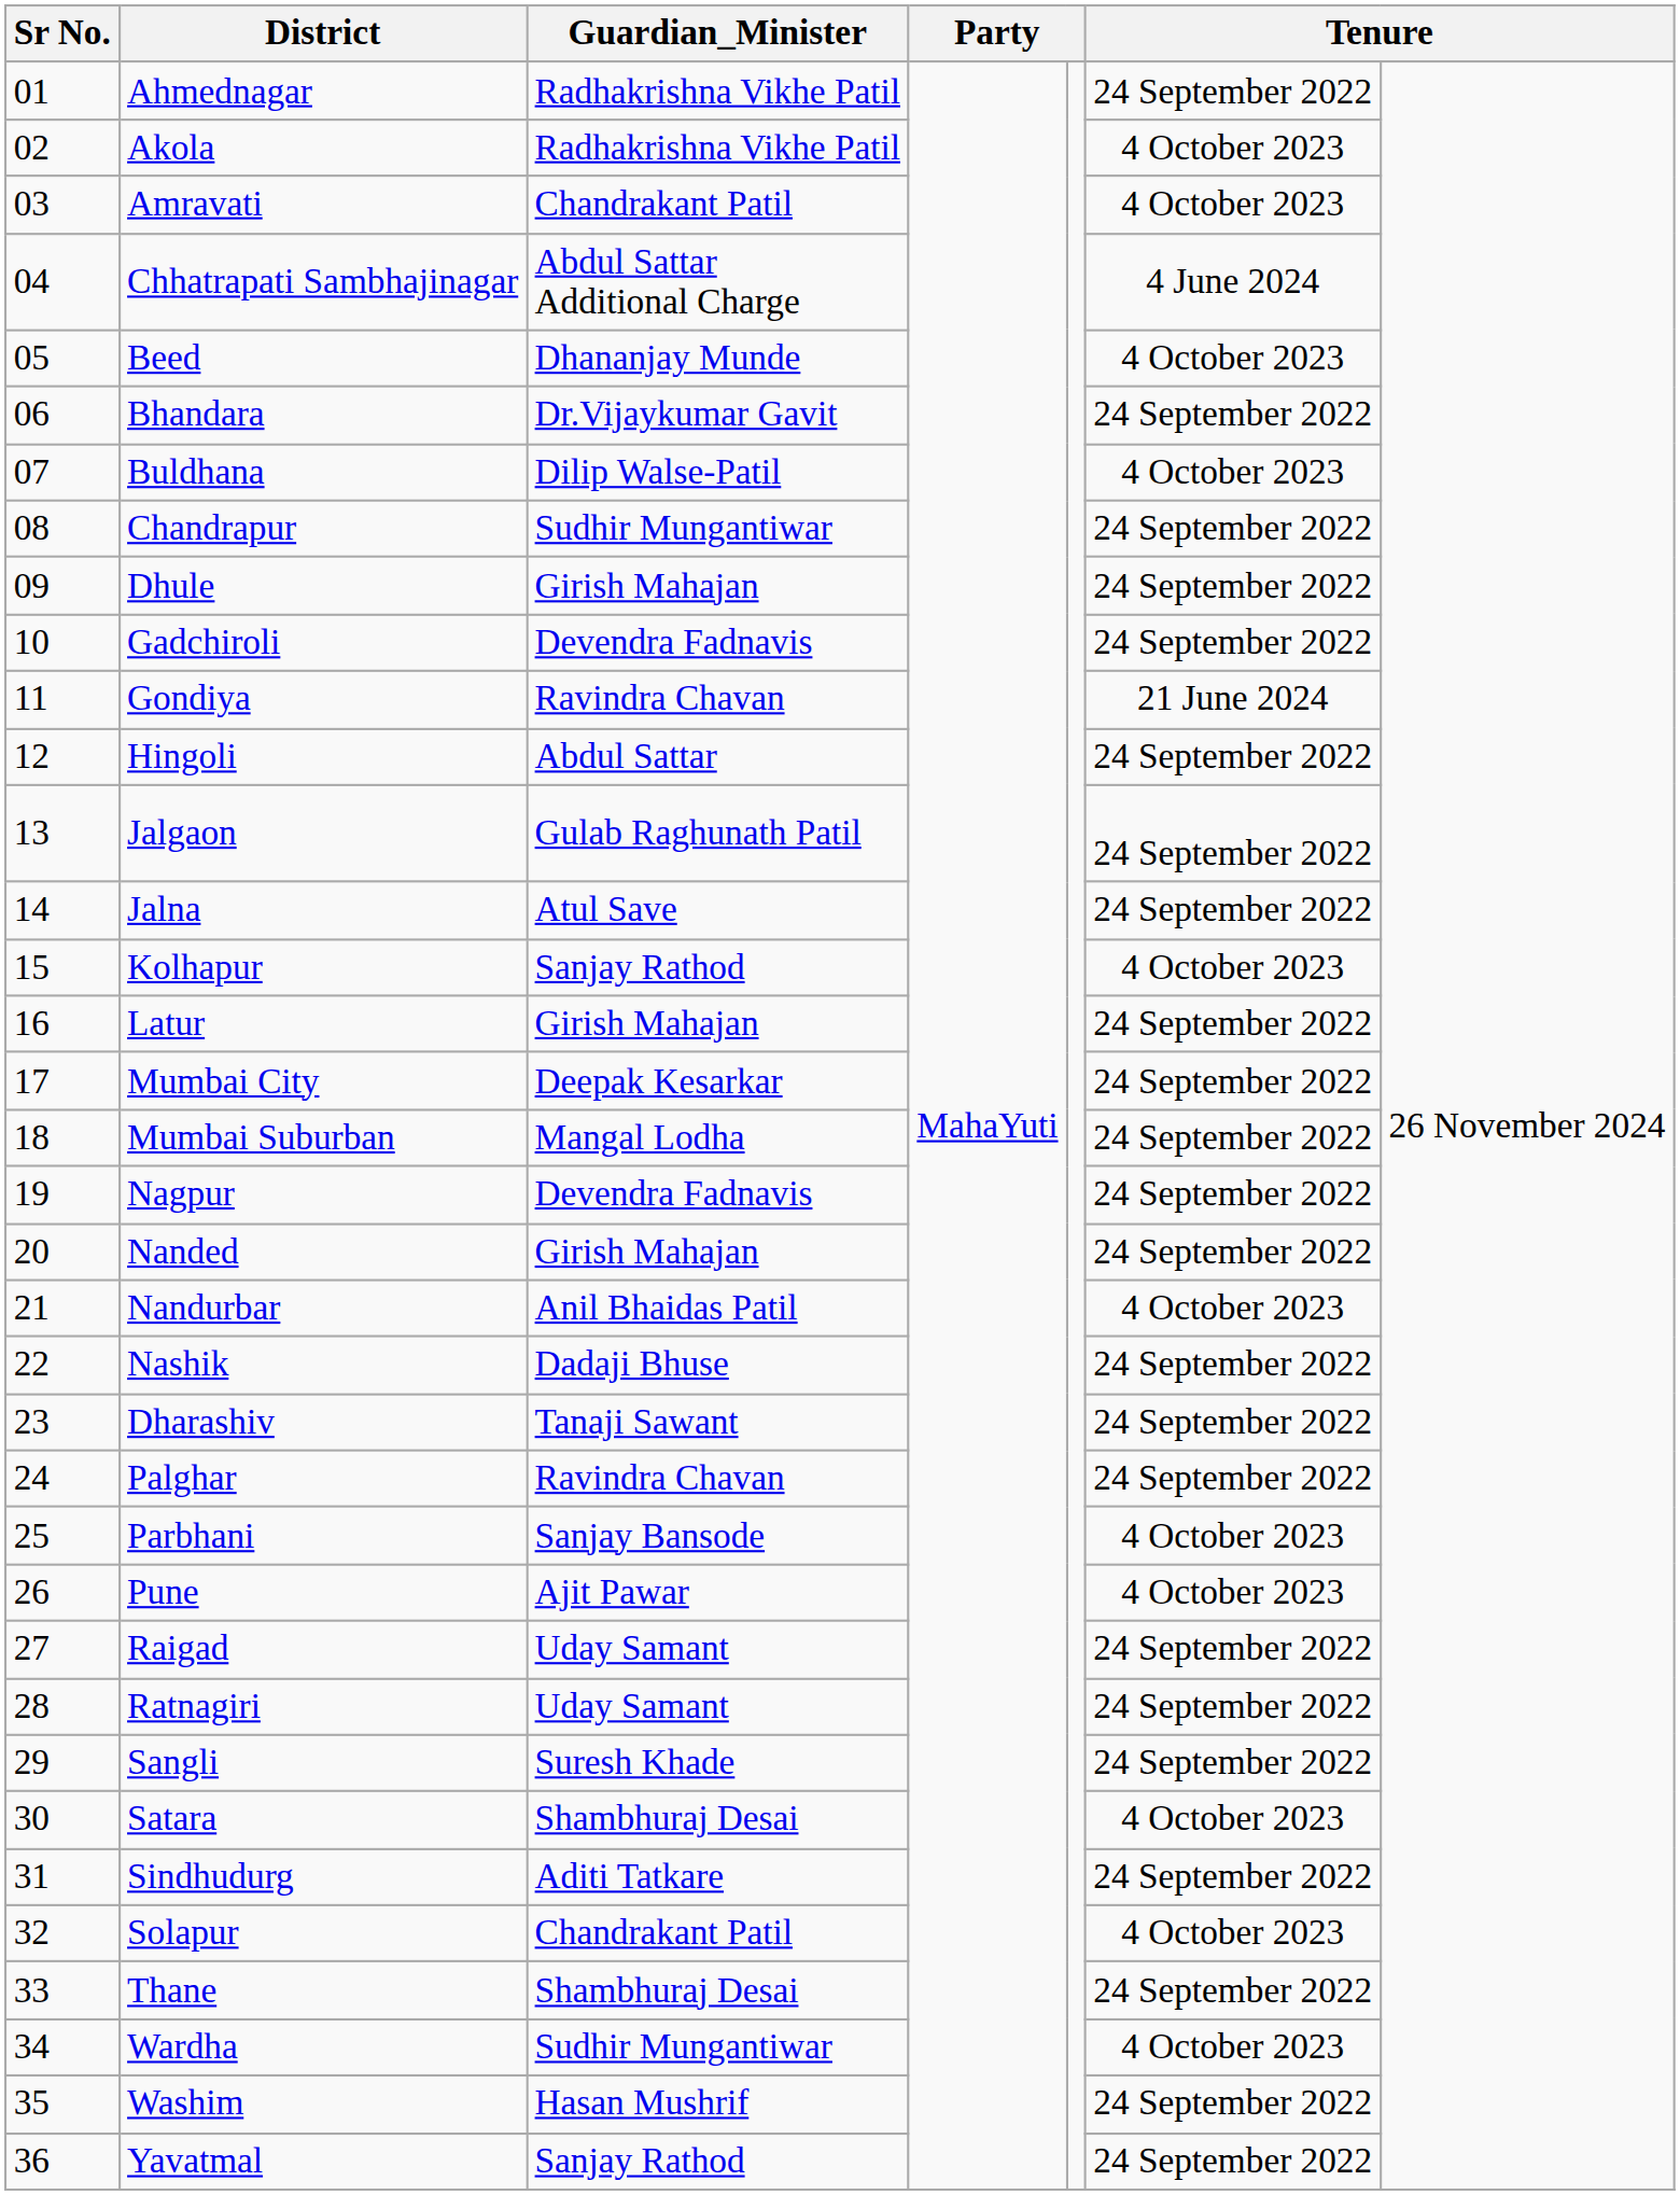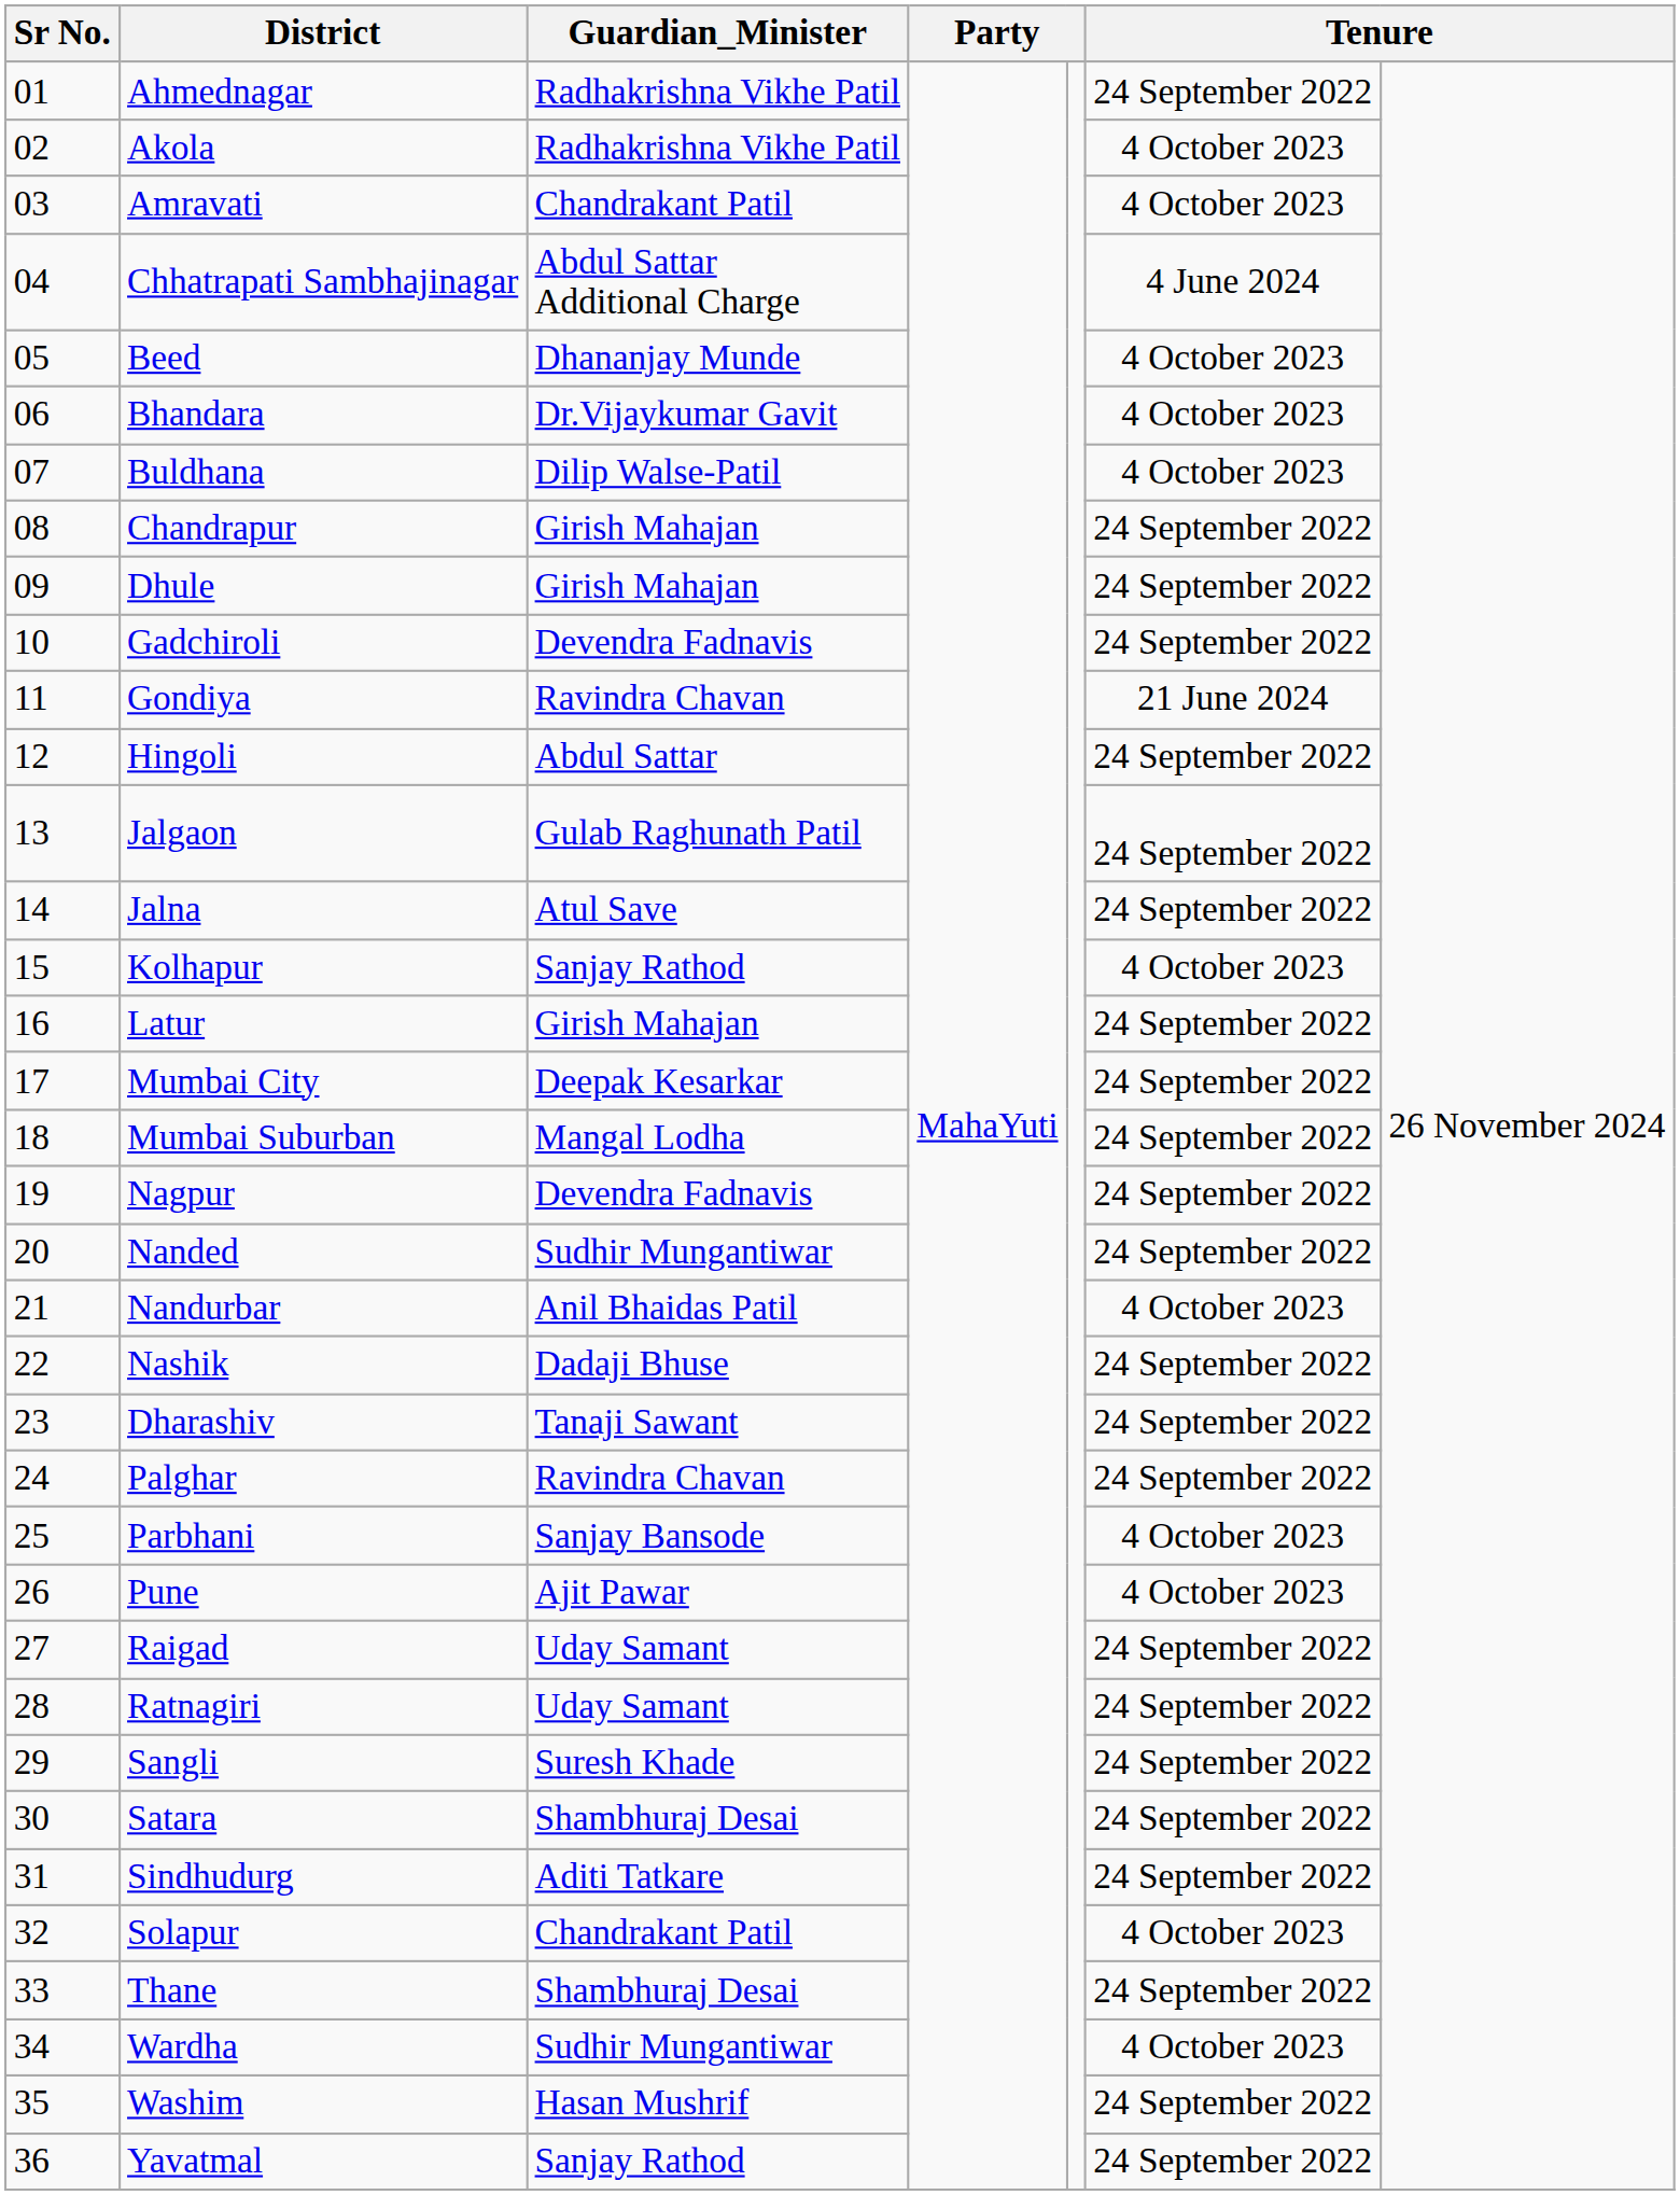 <table class="wikitable">
 <tr>
 <th>Sr No.</th>
 <th>District</th>
 <th>Guardian_Minister</th>
 <th colspan="2" scope="col">Party</th>
 <th colspan="2" scope="col">Tenure</th>
 </tr>
 <tr>
 <td>01</td>
 <td><a href='#'>Ahmednagar</a></td>
 <td><a href='#'>Radhakrishna Vikhe Patil</a></td>
 <td rowspan=36><a href='#'>MahaYuti</a></td>
 <td rowspan=36 style="width:1px; background-color: "></td>
 <td style="text-align:center;">24 September 2022</td>
 <td rowspan="36" style="text-align:center;">26 November 2024</td>
 </tr>
 <tr>
 <td>02</td>
 <td><a href='#'>Akola</a></td>
 <td><a href='#'>Radhakrishna Vikhe Patil</a></td>
 <td style="text-align:center;">4 October 2023</td>
 </tr>
 <tr>
 <td>03</td>
 <td><a href='#'>Amravati</a></td>
 <td><a href='#'>Chandrakant Patil</a></td>
 <td style="text-align:center;">4 October 2023</td>
 </tr>
 <tr>
 <td>04</td>
 <td><a href='#'>Chhatrapati Sambhajinagar</a></td>
 <td><a href='#'>Abdul Sattar</a><br>Additional Charge</td>
 <td style="text-align:center;">4 June 2024</td>
 </tr>
 <tr>
 <td>05</td>
 <td><a href='#'>Beed</a></td>
 <td><a href='#'>Dhananjay Munde</a></td>
 <td style="text-align:center;">4 October 2023</td>
 </tr>
 <tr>
 <td>06</td>
 <td><a href='#'>Bhandara</a></td>
 <td><a href='#'>Dr.Vijaykumar Gavit</a></td>
-<td style="text-align:center;">24 September 2022</td>
+<td style="text-align:center;">4 October 2023</td>
 </tr>
 <tr>
 <td>07</td>
 <td><a href='#'>Buldhana</a></td>
 <td><a href='#'>Dilip Walse-Patil</a></td>
 <td style="text-align:center;">4 October 2023</td>
 </tr>
 <tr>
 <td>08</td>
 <td><a href='#'>Chandrapur</a></td>
-<td><a href='#'>Sudhir Mungantiwar</a></td>
+<td><a href='#'>Girish Mahajan</a></td>
 <td style="text-align:center;">24 September 2022</td>
 </tr>
 <tr>
 <td>09</td>
 <td><a href='#'>Dhule</a></td>
 <td><a href='#'>Girish Mahajan</a></td>
 <td style="text-align:center;">24 September 2022</td>
 </tr>
 <tr>
 <td>10</td>
 <td><a href='#'>Gadchiroli</a></td>
 <td><a href='#'>Devendra Fadnavis</a><br></td>
 <td style="text-align:center;">24 September 2022</td>
 </tr>
 <tr>
 <td>11</td>
 <td><a href='#'>Gondiya</a></td>
 <td><a href='#'>Ravindra Chavan</a></td>
 <td style="text-align:center;">21 June 2024</td>
 </tr>
 <tr>
 <td>12</td>
 <td><a href='#'>Hingoli</a></td>
 <td><a href='#'>Abdul Sattar</a></td>
 <td style="text-align:center;">24 September 2022</td>
 </tr>
 <tr>
 <td>13</td>
 <td><a href='#'>Jalgaon</a></td>
 <td><a href='#'>Gulab Raghunath Patil</a></td>
 <td style="text-align:center;"><br>24 September 2022</td>
 </tr>
 <tr>
 <td>14</td>
 <td><a href='#'>Jalna</a></td>
 <td><a href='#'>Atul Save</a></td>
 <td style="text-align:center;">24 September 2022</td>
 </tr>
 <tr>
 <td>15</td>
 <td><a href='#'>Kolhapur</a></td>
 <td><a href='#'>Sanjay Rathod</a></td>
 <td style="text-align:center;">4 October 2023</td>
 </tr>
 <tr>
 <td>16</td>
 <td><a href='#'>Latur</a></td>
 <td><a href='#'>Girish Mahajan</a></td>
 <td style="text-align:center;">24 September 2022</td>
 </tr>
 <tr>
 <td>17</td>
 <td><a href='#'>Mumbai City</a></td>
 <td><a href='#'>Deepak Kesarkar</a></td>
 <td style="text-align:center;">24 September 2022</td>
 </tr>
 <tr>
 <td>18</td>
 <td><a href='#'>Mumbai Suburban</a></td>
 <td><a href='#'>Mangal Lodha</a></td>
 <td style="text-align:center;">24 September 2022</td>
 </tr>
 <tr>
 <td>19</td>
 <td><a href='#'>Nagpur</a></td>
 <td><a href='#'>Devendra Fadnavis</a><br></td>
 <td style="text-align:center;">24 September 2022</td>
 </tr>
 <tr>
 <td>20</td>
 <td><a href='#'>Nanded</a></td>
-<td><a href='#'>Girish Mahajan</a></td>
+<td><a href='#'>Sudhir Mungantiwar</a></td>
 <td style="text-align:center;">24 September 2022</td>
 </tr>
 <tr>
 <td>21</td>
 <td><a href='#'>Nandurbar</a></td>
 <td><a href='#'>Anil Bhaidas Patil</a></td>
 <td style="text-align:center;">4 October 2023</td>
 </tr>
 <tr>
 <td>22</td>
 <td><a href='#'>Nashik</a></td>
 <td><a href='#'>Dadaji Bhuse</a></td>
 <td style="text-align:center;">24 September 2022</td>
 </tr>
 <tr>
 <td>23</td>
 <td><a href='#'>Dharashiv</a></td>
 <td><a href='#'>Tanaji Sawant</a></td>
 <td style="text-align:center;">24 September 2022</td>
 </tr>
 <tr>
 <td>24</td>
 <td><a href='#'>Palghar</a></td>
 <td><a href='#'>Ravindra Chavan</a></td>
 <td style="text-align:center;">24 September 2022</td>
 </tr>
 <tr>
 <td>25</td>
 <td><a href='#'>Parbhani</a></td>
 <td><a href='#'>Sanjay Bansode</a></td>
 <td style="text-align:center;">4 October 2023</td>
 </tr>
 <tr>
 <td>26</td>
 <td><a href='#'>Pune</a></td>
 <td><a href='#'>Ajit Pawar</a><br></td>
 <td style="text-align:center;">4 October 2023</td>
 </tr>
 <tr>
 <td>27</td>
 <td><a href='#'>Raigad</a></td>
 <td><a href='#'>Uday Samant</a></td>
 <td style="text-align:center;">24 September 2022</td>
 </tr>
 <tr>
 <td>28</td>
 <td><a href='#'>Ratnagiri</a></td>
 <td><a href='#'>Uday Samant</a></td>
 <td style="text-align:center;">24 September 2022</td>
 </tr>
 <tr>
 <td>29</td>
 <td><a href='#'>Sangli</a></td>
 <td><a href='#'>Suresh Khade</a></td>
 <td style="text-align:center;">24 September 2022</td>
 </tr>
 <tr>
 <td>30</td>
 <td><a href='#'>Satara</a></td>
 <td><a href='#'>Shambhuraj Desai</a></td>
-<td style="text-align:center;">4 October 2023</td>
+<td style="text-align:center;">24 September 2022</td>
 </tr>
 <tr>
 <td>31</td>
 <td><a href='#'>Sindhudurg</a></td>
 <td><a href='#'>Aditi Tatkare</a></td>
 <td style="text-align:center;">24 September 2022</td>
 </tr>
 <tr>
 <td>32</td>
 <td><a href='#'>Solapur</a></td>
 <td><a href='#'>Chandrakant Patil</a></td>
 <td style="text-align:center;">4 October 2023</td>
 </tr>
 <tr>
 <td>33</td>
 <td><a href='#'>Thane</a></td>
 <td><a href='#'>Shambhuraj Desai</a></td>
 <td style="text-align:center;">24 September 2022</td>
 </tr>
 <tr>
 <td>34</td>
 <td><a href='#'>Wardha</a></td>
 <td><a href='#'>Sudhir Mungantiwar</a></td>
 <td style="text-align:center;">4 October 2023</td>
 </tr>
 <tr>
 <td>35</td>
 <td><a href='#'>Washim</a></td>
 <td><a href='#'>Hasan Mushrif</a></td>
 <td style="text-align:center;">24 September 2022</td>
 </tr>
 <tr>
 <td>36</td>
 <td><a href='#'>Yavatmal</a></td>
 <td><a href='#'>Sanjay Rathod</a></td>
 <td style="text-align:center;">24 September 2022</td>
 </tr>
 <tr>
 </tr>
 </table>
